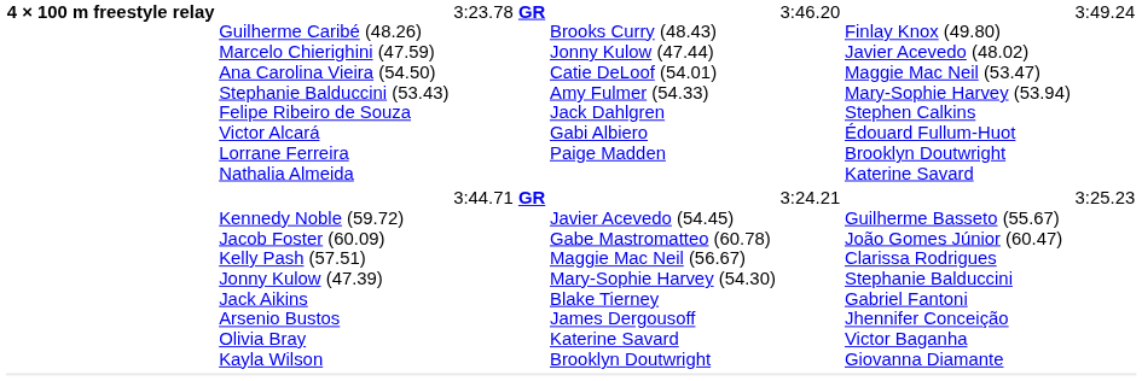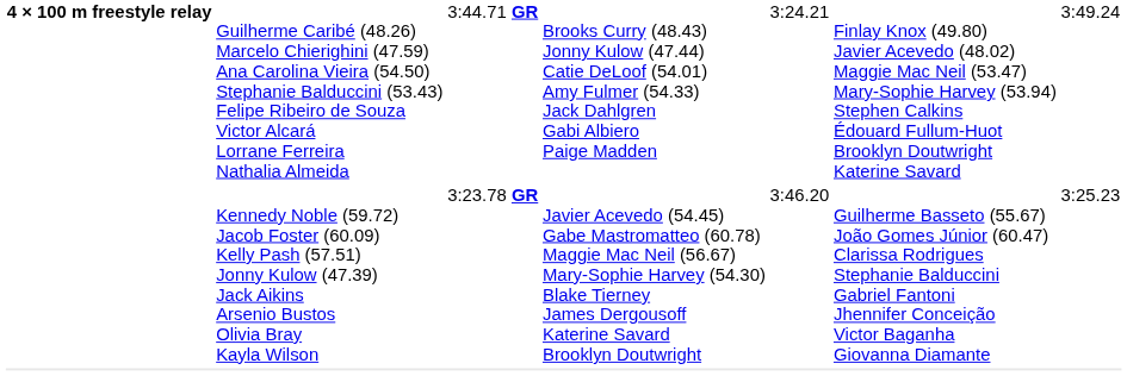 <table>
 <tr>
 </tr>
 <tr valign="top">
 <td><strong>4 × 100 m freestyle relay<br></strong></td>
 <td><br><a href='#'>Guilherme Caribé</a> (48.26)<br><a href='#'>Marcelo Chierighini</a> (47.59)<br><a href='#'>Ana Carolina Vieira</a> (54.50)<br><a href='#'>Stephanie Balduccini</a> (53.43)<br><a href='#'>Felipe Ribeiro de Souza</a><br><a href='#'>Victor Alcará</a><br><a href='#'>Lorrane Ferreira</a><br><a href='#'>Nathalia Almeida</a></td>
-<td>3:23.78 <strong><a href='#'>GR</a></strong></td>
+<td>3:44.71 <strong><a href='#'>GR</a></strong></td>
 <td><br><a href='#'>Brooks Curry</a> (48.43)<br><a href='#'>Jonny Kulow</a> (47.44)<br><a href='#'>Catie DeLoof</a> (54.01)<br><a href='#'>Amy Fulmer</a> (54.33)<br><a href='#'>Jack Dahlgren</a><br><a href='#'>Gabi Albiero</a><br><a href='#'>Paige Madden</a></td>
-<td>3:46.20</td>
+<td>3:24.21</td>
 <td><br><a href='#'>Finlay Knox</a> (49.80)<br><a href='#'>Javier Acevedo</a> (48.02)<br><a href='#'>Maggie Mac Neil</a> (53.47)<br><a href='#'>Mary-Sophie Harvey</a> (53.94)<br><a href='#'>Stephen Calkins</a><br><a href='#'>Édouard Fullum-Huot</a><br><a href='#'>Brooklyn Doutwright</a><br><a href='#'>Katerine Savard</a></td>
 <td>3:49.24</td>
 </tr>
 <tr valign="top">
 <td><br></td>
 <td><br><a href='#'>Kennedy Noble</a> (59.72)<br><a href='#'>Jacob Foster</a> (60.09)<br><a href='#'>Kelly Pash</a> (57.51)<br><a href='#'>Jonny Kulow</a> (47.39)<br><a href='#'>Jack Aikins</a><br><a href='#'>Arsenio Bustos</a><br><a href='#'>Olivia Bray</a><br><a href='#'>Kayla Wilson</a></td>
-<td>3:44.71 <strong><a href='#'>GR</a></strong></td>
+<td>3:23.78 <strong><a href='#'>GR</a></strong></td>
 <td><br><a href='#'>Javier Acevedo</a> (54.45)<br><a href='#'>Gabe Mastromatteo</a> (60.78)<br><a href='#'>Maggie Mac Neil</a> (56.67)<br><a href='#'>Mary-Sophie Harvey</a> (54.30)<br><a href='#'>Blake Tierney</a><br><a href='#'>James Dergousoff</a><br><a href='#'>Katerine Savard</a><br><a href='#'>Brooklyn Doutwright</a></td>
-<td>3:24.21</td>
+<td>3:46.20</td>
 <td><br><a href='#'>Guilherme Basseto</a> (55.67)<br><a href='#'>João Gomes Júnior</a> (60.47)<br><a href='#'>Clarissa Rodrigues</a><br><a href='#'>Stephanie Balduccini</a><br><a href='#'>Gabriel Fantoni</a><br><a href='#'>Jhennifer Conceição</a><br><a href='#'>Victor Baganha</a><br><a href='#'>Giovanna Diamante</a></td>
 <td>3:25.23</td>
 </tr>
 <tr bgcolor= e8e8e8>
 <td colspan=7></td>
 </tr>
 </table>
